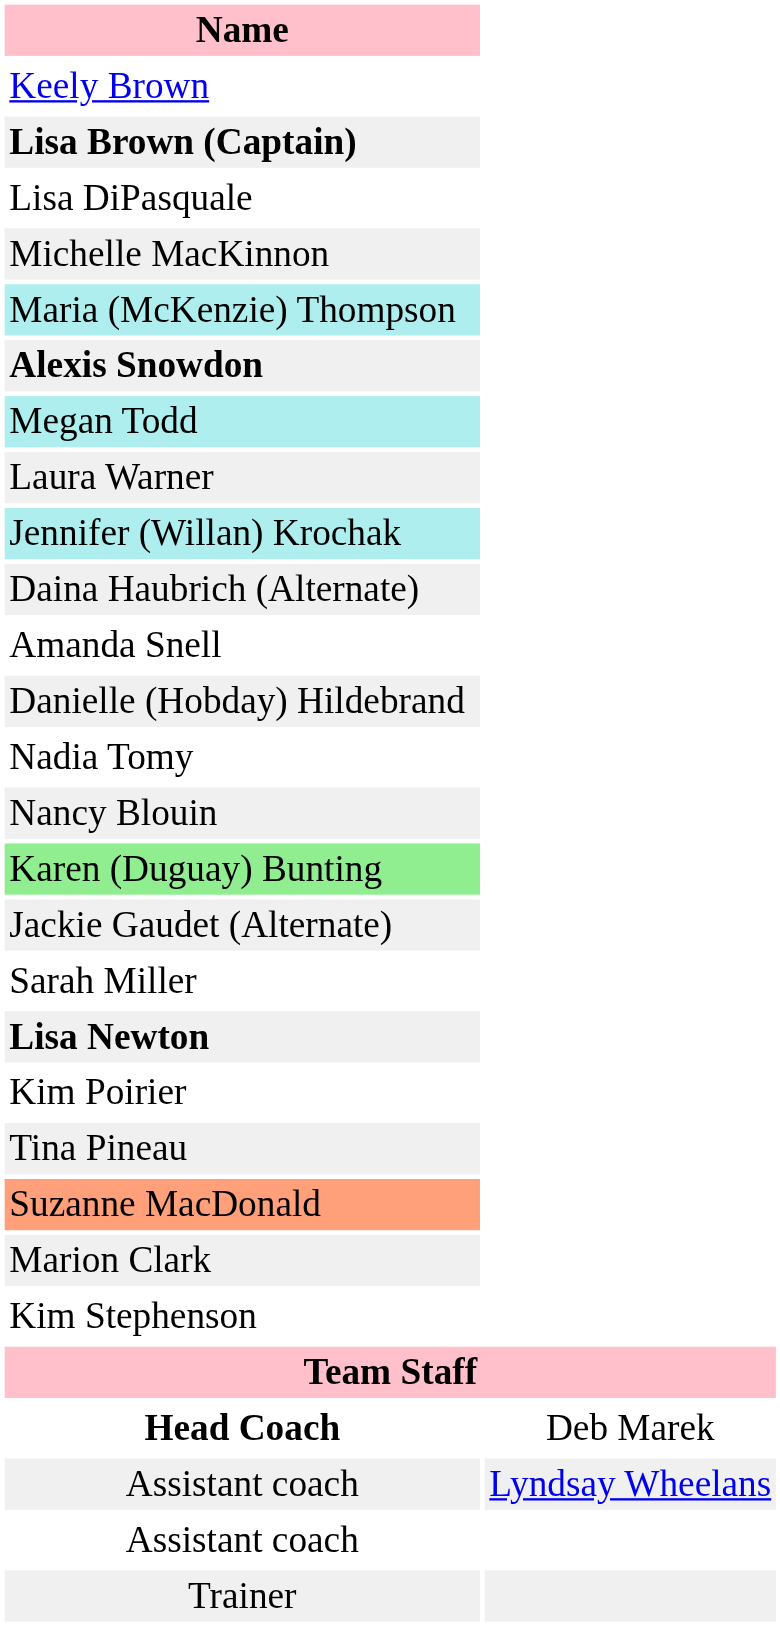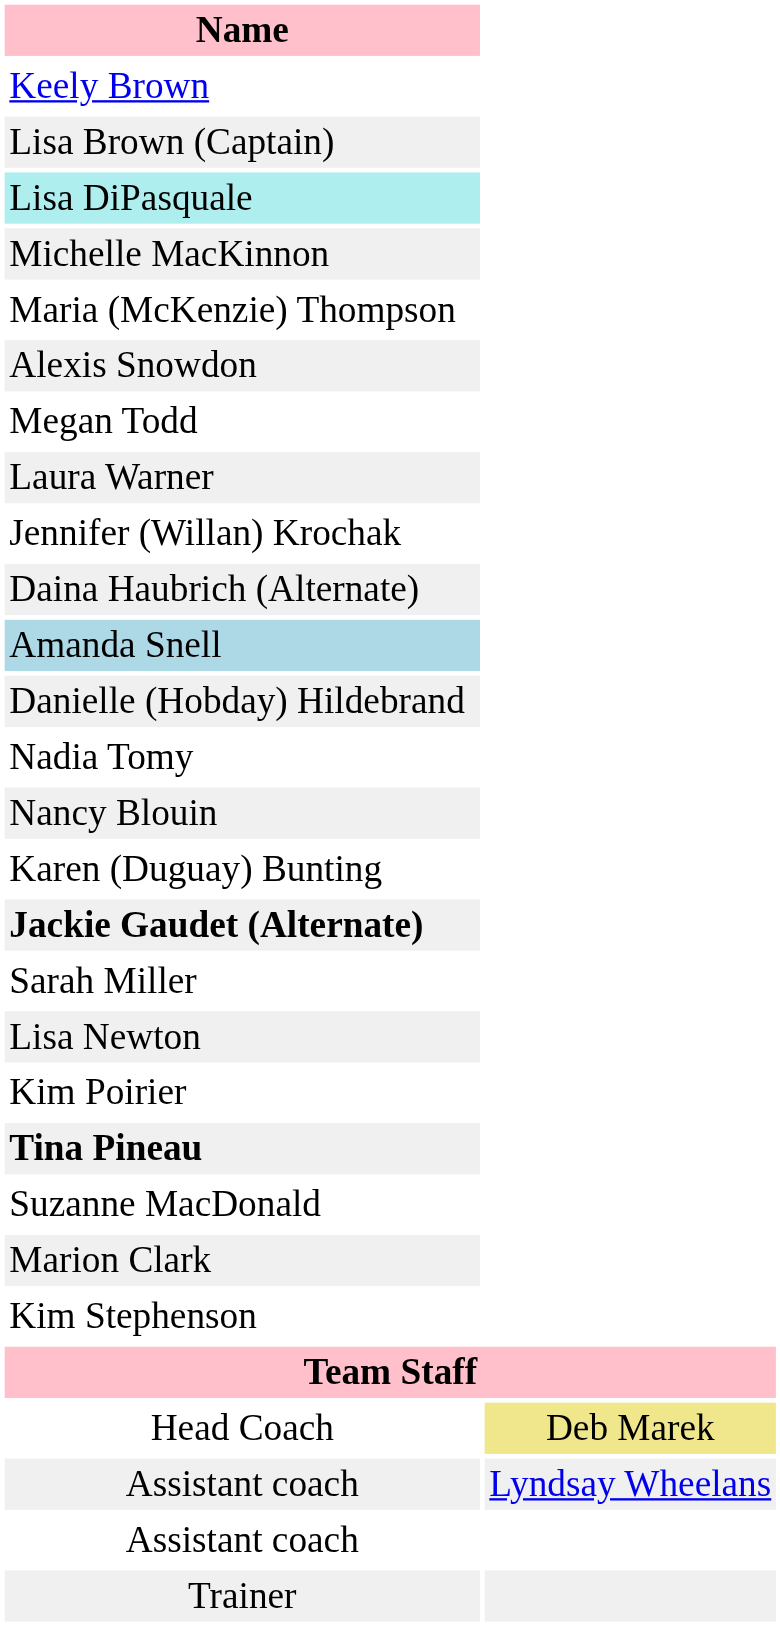 <table border="0" cellspacing="2" cellpadding="2">
 <tr bgcolor=pink>
 <th width=200>Name</th>
 </tr>
 <tr>
 <td><a href='#'>Keely Brown</a></td>
 </tr>
 <tr bgcolor="#f0f0f0">
-<td><strong>Lisa Brown (Captain)</strong></td>
+<td>Lisa Brown (Captain)</td>
 </tr>
 <tr>
-<td>Lisa DiPasquale</td>
+<td style="background: paleturquoise;">Lisa DiPasquale</td>
 </tr>
 <tr bgcolor="#f0f0f0">
 <td>Michelle MacKinnon</td>
 </tr>
 <tr>
-<td style="background: paleturquoise;">Maria (McKenzie) Thompson</td>
+<td>Maria (McKenzie) Thompson</td>
 </tr>
 <tr bgcolor="#f0f0f0">
-<td><strong>Alexis Snowdon</strong></td>
+<td>Alexis Snowdon</td>
 </tr>
 <tr>
-<td style="background: paleturquoise;">Megan Todd</td>
+<td>Megan Todd</td>
 </tr>
 <tr bgcolor="#f0f0f0">
 <td>Laura Warner</td>
 </tr>
 <tr>
-<td style="background: paleturquoise;">Jennifer (Willan) Krochak</td>
+<td>Jennifer (Willan) Krochak</td>
 </tr>
 <tr bgcolor="#f0f0f0">
 <td>Daina Haubrich (Alternate)</td>
 </tr>
 <tr>
-<td>Amanda Snell</td>
+<td style="background: lightblue;">Amanda Snell</td>
 </tr>
 <tr bgcolor="#f0f0f0">
 <td>Danielle (Hobday) Hildebrand</td>
 </tr>
 <tr>
 <td>Nadia Tomy</td>
 </tr>
 <tr bgcolor="#f0f0f0">
 <td>Nancy Blouin</td>
 </tr>
 <tr>
-<td style="background: lightgreen;">Karen (Duguay) Bunting</td>
+<td>Karen (Duguay) Bunting</td>
 </tr>
 <tr bgcolor="#f0f0f0">
-<td>Jackie Gaudet (Alternate)</td>
+<td><strong>Jackie Gaudet (Alternate)</strong></td>
 </tr>
 <tr>
 <td>Sarah Miller</td>
 </tr>
 <tr bgcolor="#f0f0f0">
-<td><strong>Lisa Newton</strong></td>
+<td>Lisa Newton</td>
 </tr>
 <tr>
 <td>Kim Poirier</td>
 </tr>
 <tr bgcolor="#f0f0f0">
-<td>Tina Pineau</td>
+<td><strong>Tina Pineau</strong></td>
 </tr>
 <tr>
-<td style="background: lightsalmon;">Suzanne MacDonald</td>
+<td>Suzanne MacDonald</td>
 </tr>
 <tr bgcolor="#f0f0f0">
 <td>Marion Clark</td>
 </tr>
 <tr>
 <td>Kim Stephenson</td>
 </tr>
 <tr>
 <th style=background:pink colspan=3>Team Staff</th>
 </tr>
 <tr>
-<td align=center><strong>Head Coach</strong></td>
-<td align=center>Deb Marek</td>
+<td align=center>Head Coach</td>
+<td align=center style="background: khaki;">Deb Marek</td>
 </tr>
 <tr bgcolor="#f0f0f0">
 <td align=center>Assistant coach</td>
 <td align=center><a href='#'>Lyndsay Wheelans</a></td>
 </tr>
 <tr>
 <td align=center>Assistant coach</td>
 <td align=center></td>
 </tr>
 <tr bgcolor="#f0f0f0">
 <td align=center>Trainer</td>
 <td align=center></td>
 </tr>
 </table>
